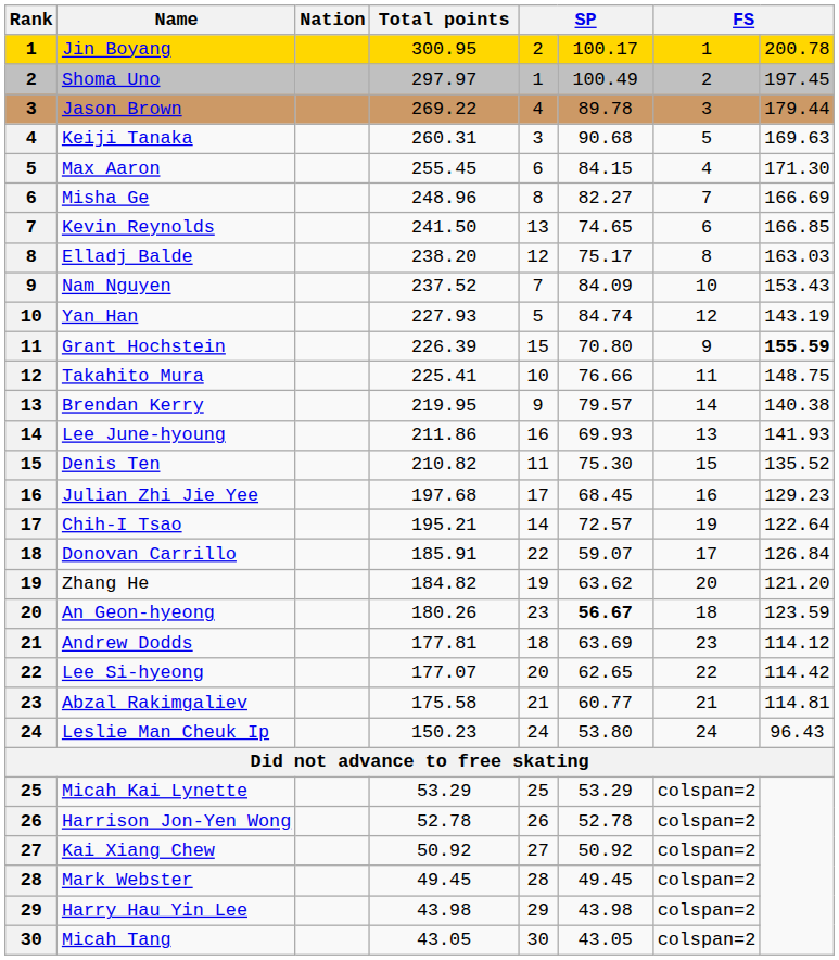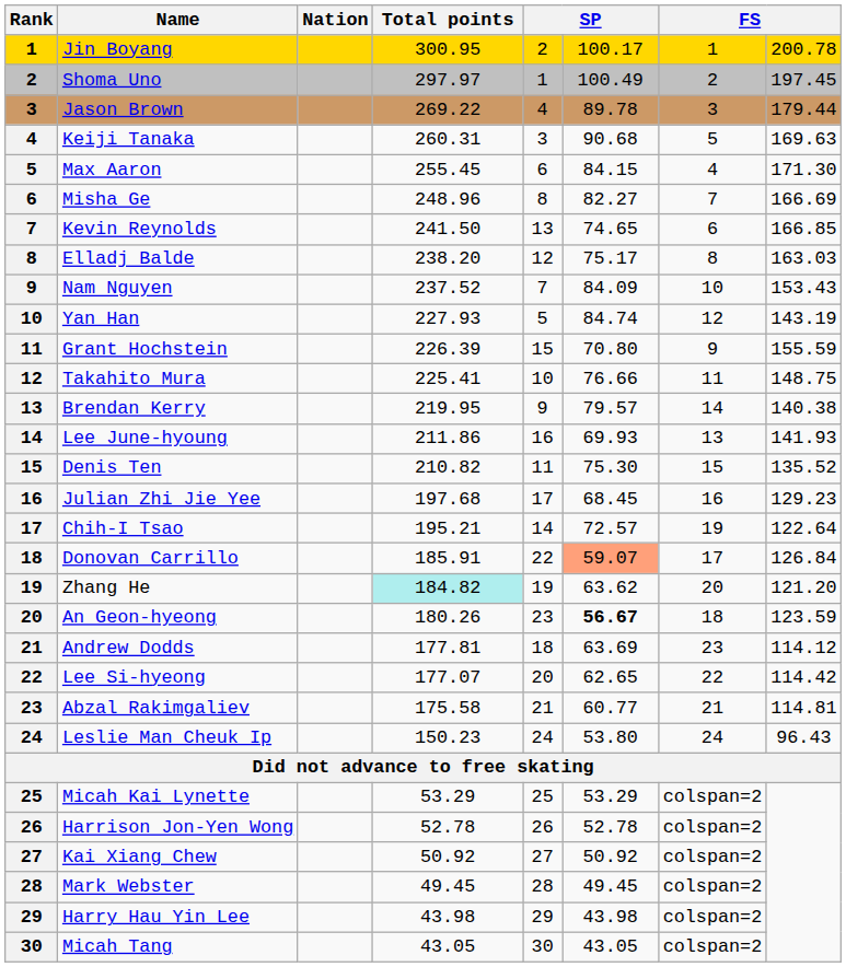 <table class="wikitable sortable">
 <tr>
 <th>Rank</th>
 <th>Name</th>
 <th>Nation</th>
 <th width="100px">Total points</th>
 <th colspan="2" width="90px"><a href='#'>SP</a></th>
 <th colspan="2" width="90px"><a href='#'>FS</a></th>
 </tr>
 <tr bgcolor="gold">
 <td align="center" bgcolor="gold"><strong>1</strong></td>
 <td><a href='#'>Jin Boyang</a></td>
 <td></td>
 <td align="center">300.95</td>
 <td align="center">2</td>
 <td align="center">100.17</td>
 <td align="center">1</td>
 <td align="center">200.78</td>
 </tr>
 <tr bgcolor="silver">
 <td align="center" bgcolor="silver"><strong>2</strong></td>
 <td><a href='#'>Shoma Uno</a></td>
 <td></td>
 <td align="center">297.97</td>
 <td align="center">1</td>
 <td align="center">100.49</td>
 <td align="center">2</td>
 <td align="center">197.45</td>
 </tr>
 <tr bgcolor="#cc9966">
 <td align="center" bgcolor="#cc9966"><strong>3</strong></td>
 <td><a href='#'>Jason Brown</a></td>
 <td></td>
 <td align="center">269.22</td>
 <td align="center">4</td>
 <td align="center">89.78</td>
 <td align="center">3</td>
 <td align="center">179.44</td>
 </tr>
 <tr>
 <th>4</th>
 <td><a href='#'>Keiji Tanaka</a></td>
 <td></td>
 <td align="center">260.31</td>
 <td align="center">3</td>
 <td align="center">90.68</td>
 <td align="center">5</td>
 <td align="center">169.63</td>
 </tr>
 <tr>
 <th>5</th>
 <td><a href='#'>Max Aaron</a></td>
 <td></td>
 <td align="center">255.45</td>
 <td align="center">6</td>
 <td align="center">84.15</td>
 <td align="center">4</td>
 <td align="center">171.30</td>
 </tr>
 <tr>
 <th>6</th>
 <td><a href='#'>Misha Ge</a></td>
 <td></td>
 <td align="center">248.96</td>
 <td align="center">8</td>
 <td align="center">82.27</td>
 <td align="center">7</td>
 <td align="center">166.69</td>
 </tr>
 <tr>
 <th>7</th>
 <td><a href='#'>Kevin Reynolds</a></td>
 <td></td>
 <td align="center">241.50</td>
 <td align="center">13</td>
 <td align="center">74.65</td>
 <td align="center">6</td>
 <td align="center">166.85</td>
 </tr>
 <tr>
 <th>8</th>
 <td><a href='#'>Elladj Balde</a></td>
 <td></td>
 <td align="center">238.20</td>
 <td align="center">12</td>
 <td align="center">75.17</td>
 <td align="center">8</td>
 <td align="center">163.03</td>
 </tr>
 <tr>
 <th>9</th>
 <td><a href='#'>Nam Nguyen</a></td>
 <td></td>
 <td align="center">237.52</td>
 <td align="center">7</td>
 <td align="center">84.09</td>
 <td align="center">10</td>
 <td align="center">153.43</td>
 </tr>
 <tr>
 <th>10</th>
 <td><a href='#'>Yan Han</a></td>
 <td></td>
 <td align="center">227.93</td>
 <td align="center">5</td>
 <td align="center">84.74</td>
 <td align="center">12</td>
 <td align="center">143.19</td>
 </tr>
 <tr>
 <th>11</th>
 <td><a href='#'>Grant Hochstein</a></td>
 <td></td>
 <td align="center">226.39</td>
 <td align="center">15</td>
 <td align="center">70.80</td>
 <td align="center">9</td>
-<td align="center"><strong>155.59</strong></td>
+<td align="center">155.59</td>
 </tr>
 <tr>
 <th>12</th>
 <td><a href='#'>Takahito Mura</a></td>
 <td></td>
 <td align="center">225.41</td>
 <td align="center">10</td>
 <td align="center">76.66</td>
 <td align="center">11</td>
 <td align="center">148.75</td>
 </tr>
 <tr>
 <th>13</th>
 <td><a href='#'>Brendan Kerry</a></td>
 <td></td>
 <td align="center">219.95</td>
 <td align="center">9</td>
 <td align="center">79.57</td>
 <td align="center">14</td>
 <td align="center">140.38</td>
 </tr>
 <tr>
 <th>14</th>
 <td><a href='#'>Lee June-hyoung</a></td>
 <td></td>
 <td align="center">211.86</td>
 <td align="center">16</td>
 <td align="center">69.93</td>
 <td align="center">13</td>
 <td align="center">141.93</td>
 </tr>
 <tr>
 <th>15</th>
 <td><a href='#'>Denis Ten</a></td>
 <td></td>
 <td align="center">210.82</td>
 <td align="center">11</td>
 <td align="center">75.30</td>
 <td align="center">15</td>
 <td align="center">135.52</td>
 </tr>
 <tr>
 <th>16</th>
 <td><a href='#'>Julian Zhi Jie Yee</a></td>
 <td></td>
 <td align="center">197.68</td>
 <td align="center">17</td>
 <td align="center">68.45</td>
 <td align="center">16</td>
 <td align="center">129.23</td>
 </tr>
 <tr>
 <th>17</th>
 <td><a href='#'>Chih-I Tsao</a></td>
 <td></td>
 <td align="center">195.21</td>
 <td align="center">14</td>
 <td align="center">72.57</td>
 <td align="center">19</td>
 <td align="center">122.64</td>
 </tr>
 <tr>
 <th>18</th>
 <td><a href='#'>Donovan Carrillo</a></td>
 <td></td>
 <td align="center">185.91</td>
 <td align="center">22</td>
-<td align="center">59.07</td>
+<td align="center" style="background: lightsalmon;">59.07</td>
 <td align="center">17</td>
 <td align="center">126.84</td>
 </tr>
 <tr>
 <th>19</th>
 <td>Zhang He</td>
 <td></td>
-<td align="center">184.82</td>
+<td align="center" style="background: paleturquoise;">184.82</td>
 <td align="center">19</td>
 <td align="center">63.62</td>
 <td align="center">20</td>
 <td align="center">121.20</td>
 </tr>
 <tr>
 <th>20</th>
 <td><a href='#'>An Geon-hyeong</a></td>
 <td></td>
 <td align="center">180.26</td>
 <td align="center">23</td>
 <td align="center"><strong>56.67</strong></td>
 <td align="center">18</td>
 <td align="center">123.59</td>
 </tr>
 <tr>
 <th>21</th>
 <td><a href='#'>Andrew Dodds</a></td>
 <td></td>
 <td align="center">177.81</td>
 <td align="center">18</td>
 <td align="center">63.69</td>
 <td align="center">23</td>
 <td align="center">114.12</td>
 </tr>
 <tr>
 <th>22</th>
 <td><a href='#'>Lee Si-hyeong</a></td>
 <td></td>
 <td align="center">177.07</td>
 <td align="center">20</td>
 <td align="center">62.65</td>
 <td align="center">22</td>
 <td align="center">114.42</td>
 </tr>
 <tr>
 <th>23</th>
 <td><a href='#'>Abzal Rakimgaliev</a></td>
 <td></td>
 <td align="center">175.58</td>
 <td align="center">21</td>
 <td align="center">60.77</td>
 <td align="center">21</td>
 <td align="center">114.81</td>
 </tr>
 <tr>
 <th>24</th>
 <td><a href='#'>Leslie Man Cheuk Ip</a></td>
 <td></td>
 <td align="center">150.23</td>
 <td align="center">24</td>
 <td align="center">53.80</td>
 <td align="center">24</td>
 <td align="center">96.43</td>
 </tr>
 <tr>
 <th colspan=8>Did not advance to free skating</th>
 </tr>
 <tr>
 <th>25</th>
 <td><a href='#'>Micah Kai Lynette</a></td>
 <td></td>
 <td align="center">53.29</td>
 <td align="center">25</td>
 <td align="center">53.29</td>
 <td>colspan=2 </td>
 </tr>
 <tr>
 <th>26</th>
 <td><a href='#'>Harrison Jon-Yen Wong</a></td>
 <td></td>
 <td align="center">52.78</td>
 <td align="center">26</td>
 <td align="center">52.78</td>
 <td>colspan=2 </td>
 </tr>
 <tr>
 <th>27</th>
 <td><a href='#'>Kai Xiang Chew</a></td>
 <td></td>
 <td align="center">50.92</td>
 <td align="center">27</td>
 <td align="center">50.92</td>
 <td>colspan=2 </td>
 </tr>
 <tr>
 <th>28</th>
 <td><a href='#'>Mark Webster</a></td>
 <td></td>
 <td align="center">49.45</td>
 <td align="center">28</td>
 <td align="center">49.45</td>
 <td>colspan=2 </td>
 </tr>
 <tr>
 <th>29</th>
 <td><a href='#'>Harry Hau Yin Lee</a></td>
 <td></td>
 <td align="center">43.98</td>
 <td align="center">29</td>
 <td align="center">43.98</td>
 <td>colspan=2 </td>
 </tr>
 <tr>
 <th>30</th>
 <td><a href='#'>Micah Tang</a></td>
 <td></td>
 <td align="center">43.05</td>
 <td align="center">30</td>
 <td align="center">43.05</td>
 <td>colspan=2 </td>
 </tr>
 </table>
